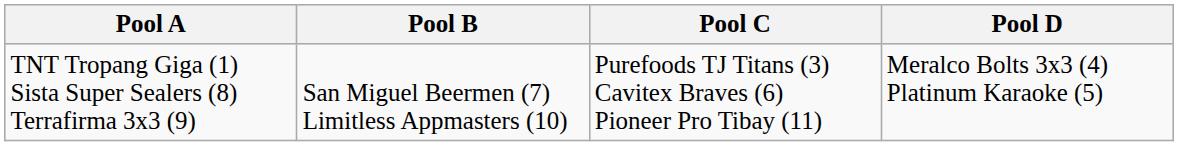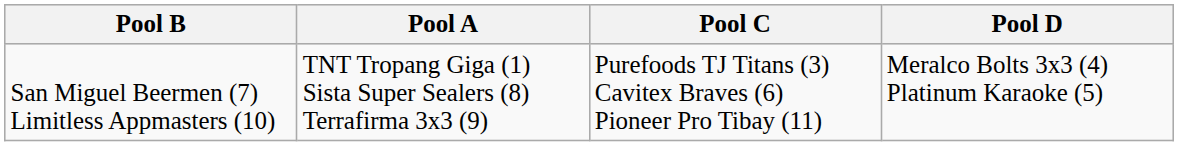 <table class=wikitable width=750>
 <tr>
+<th width=25%>Pool B</th>
 <th width=25%>Pool A</th>
-<th width=25%>Pool B</th>
 <th width=25%>Pool C</th>
 <th width=25%>Pool D</th>
 </tr>
 <tr valign=top>
+<td> <br> San Miguel Beermen (7) <br> Limitless Appmasters (10)</td>
 <td>TNT Tropang Giga (1) <br> Sista Super Sealers (8) <br> Terrafirma 3x3 (9) <br> </td>
-<td> <br> San Miguel Beermen (7) <br> Limitless Appmasters (10)</td>
 <td>Purefoods TJ Titans (3) <br> Cavitex Braves (6) <br> Pioneer Pro Tibay (11) <br> </td>
 <td>Meralco Bolts 3x3 (4) <br> Platinum Karaoke (5) <br> </td>
 </tr>
 </table>
